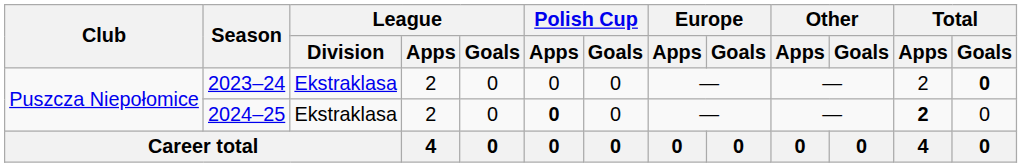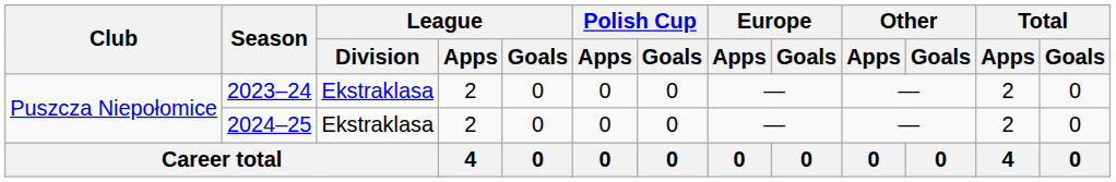 <table class="wikitable" style="text-align: center;">
 <tr>
 <th rowspan="2">Club</th>
 <th rowspan="2">Season</th>
 <th colspan="3">League</th>
 <th colspan="2"><a href='#'>Polish Cup</a></th>
 <th colspan="2">Europe</th>
 <th colspan="2">Other</th>
 <th colspan="2">Total</th>
 </tr>
 <tr>
 <th>Division</th>
 <th>Apps</th>
 <th>Goals</th>
 <th>Apps</th>
 <th>Goals</th>
 <th>Apps</th>
 <th>Goals</th>
 <th>Apps</th>
 <th>Goals</th>
 <th>Apps</th>
 <th>Goals</th>
 </tr>
 <tr>
 <td rowspan="2"><a href='#'>Puszcza Niepołomice</a></td>
 <td><a href='#'>2023–24</a></td>
 <td><a href='#'>Ekstraklasa</a></td>
 <td>2</td>
 <td>0</td>
 <td>0</td>
 <td>0</td>
 <td colspan="2">—</td>
 <td colspan="2">—</td>
 <td>2</td>
-<td><strong>0</strong></td>
+<td>0</td>
 </tr>
 <tr>
 <td><a href='#'>2024–25</a></td>
 <td>Ekstraklasa</td>
 <td>2</td>
 <td>0</td>
-<td><strong>0</strong></td>
+<td>0</td>
 <td>0</td>
 <td colspan="2">—</td>
 <td colspan="2">—</td>
-<td><strong>2</strong></td>
+<td>2</td>
 <td>0</td>
 </tr>
 <tr>
 <th colspan="3">Career total</th>
 <th>4</th>
 <th>0</th>
 <th>0</th>
 <th>0</th>
 <th>0</th>
 <th>0</th>
 <th>0</th>
 <th>0</th>
 <th>4</th>
 <th>0</th>
 </tr>
 </table>
